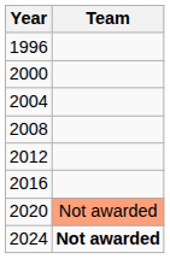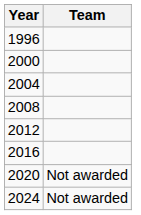 <table class="wikitable">
 <tr>
 <th>Year</th>
 <th>Team</th>
 </tr>
 <tr>
 <td>1996</td>
 <td></td>
 </tr>
 <tr>
 <td>2000</td>
 <td></td>
 </tr>
 <tr>
 <td>2004</td>
 <td> <br> </td>
 </tr>
 <tr>
 <td>2008</td>
 <td></td>
 </tr>
 <tr>
 <td>2012</td>
 <td></td>
 </tr>
 <tr>
 <td>2016</td>
 <td></td>
 </tr>
 <tr>
 <td>2020</td>
-<td align=center style="background: lightsalmon;">Not awarded</td>
+<td align=center>Not awarded</td>
 </tr>
 <tr>
 <td>2024</td>
-<td align=center><strong>Not awarded</strong></td>
+<td align=center>Not awarded</td>
 </tr>
 </table>
